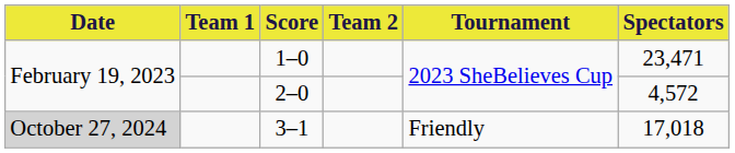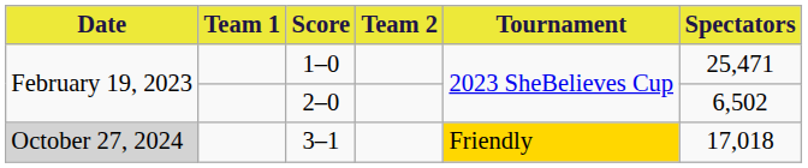 <table class="wikitable">
 <tr>
 <th style="text-align:center; background:#EDE939; color:#201547; ">Date</th>
 <th style="text-align:center; background:#EDE939; color:#201547; ">Team 1</th>
 <th style="text-align:center; background:#EDE939; color:#201547; ">Score</th>
 <th style="text-align:center; background:#EDE939; color:#201547; ">Team 2</th>
 <th style="text-align:center; background:#EDE939; color:#201547; ">Tournament</th>
 <th style="text-align:center; background:#EDE939; color:#201547; ">Spectators</th>
 </tr>
 <tr>
 <td rowspan="2">February 19, 2023</td>
 <td><strong></strong></td>
 <td style="text-align:center;">1–0</td>
 <td></td>
 <td rowspan="2"><a href='#'>2023 SheBelieves Cup</a></td>
-<td style="text-align:center;">23,471</td>
+<td style="text-align:center;">25,471</td>
 </tr>
 <tr>
 <td><strong></strong></td>
 <td style="text-align:center;">2–0</td>
 <td></td>
-<td style="text-align:center;">4,572</td>
+<td style="text-align:center;">6,502</td>
 </tr>
 <tr>
 <td style="background: lightgrey;">October 27, 2024</td>
 <td><strong></strong></td>
 <td style="text-align:center;">3–1</td>
 <td></td>
-<td>Friendly</td>
+<td style="background: gold;">Friendly</td>
 <td style="text-align:center;">17,018</td>
 </tr>
 </table>
